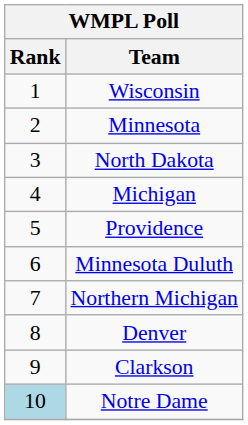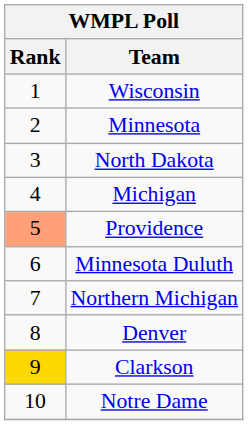 <table class="wikitable" style="text-align:center;">
 <tr>
 <th colspan=2><strong>WMPL Poll</strong></th>
 </tr>
 <tr>
 <th>Rank</th>
 <th>Team</th>
 </tr>
 <tr>
 <td>1</td>
 <td><a href='#'>Wisconsin</a></td>
 </tr>
 <tr>
 <td>2</td>
 <td><a href='#'>Minnesota</a></td>
 </tr>
 <tr>
 <td>3</td>
 <td><a href='#'>North Dakota</a></td>
 </tr>
 <tr>
 <td>4</td>
 <td><a href='#'>Michigan</a></td>
 </tr>
 <tr>
-<td>5</td>
+<td style="background: lightsalmon;">5</td>
 <td><a href='#'>Providence</a></td>
 </tr>
 <tr>
 <td>6</td>
 <td><a href='#'>Minnesota Duluth</a></td>
 </tr>
 <tr>
 <td>7</td>
 <td><a href='#'>Northern Michigan</a></td>
 </tr>
 <tr>
 <td>8</td>
 <td><a href='#'>Denver</a></td>
 </tr>
 <tr>
-<td>9</td>
+<td style="background: gold;">9</td>
 <td><a href='#'>Clarkson</a></td>
 </tr>
 <tr>
-<td style="background: lightblue;">10</td>
+<td>10</td>
 <td><a href='#'>Notre Dame</a></td>
 </tr>
 <tr>
 </tr>
 </table>
